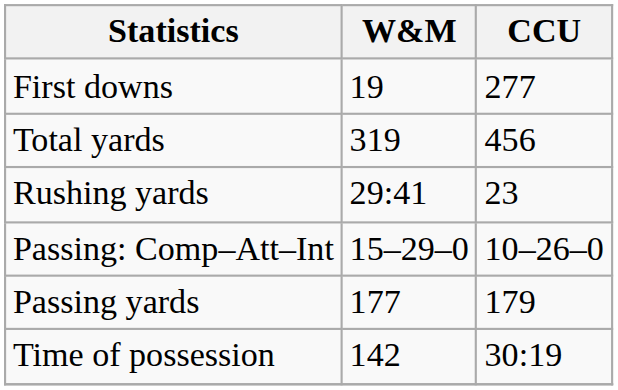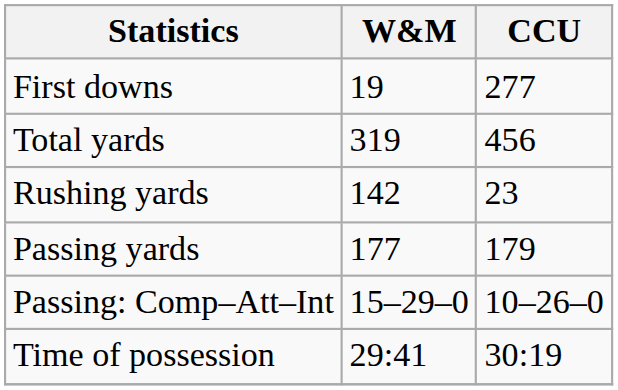 <table class="wikitable" style="float: left;">
 <tr>
 <th>Statistics</th>
 <th>W&M</th>
 <th>CCU</th>
 </tr>
 <tr>
 <td>First downs</td>
 <td>19</td>
 <td>277</td>
 </tr>
 <tr>
 <td>Total yards</td>
 <td>319</td>
 <td>456</td>
 </tr>
 <tr>
 <td>Rushing yards</td>
-<td>29:41</td>
+<td>142</td>
 <td>23</td>
+</tr>
+<tr>
+<td>Passing yards</td>
+<td>177</td>
+<td>179</td>
 </tr>
 <tr>
 <td>Passing: Comp–Att–Int</td>
 <td>15–29–0</td>
 <td>10–26–0</td>
 </tr>
 <tr>
-<td>Passing yards</td>
-<td>177</td>
-<td>179</td>
-</tr>
-<tr>
 <td>Time of possession</td>
-<td>142</td>
+<td>29:41</td>
 <td>30:19</td>
 </tr>
 <tr>
 </tr>
 </table>
